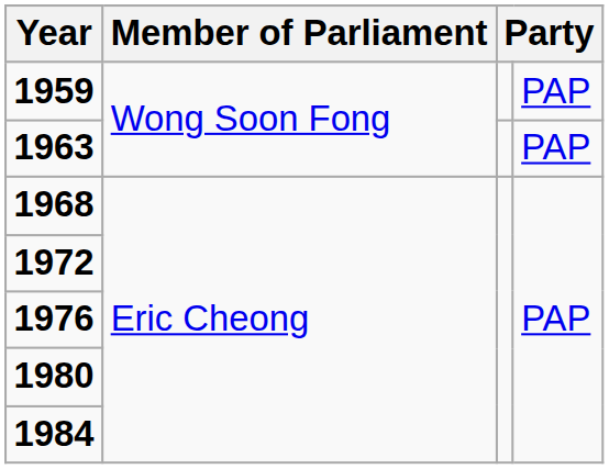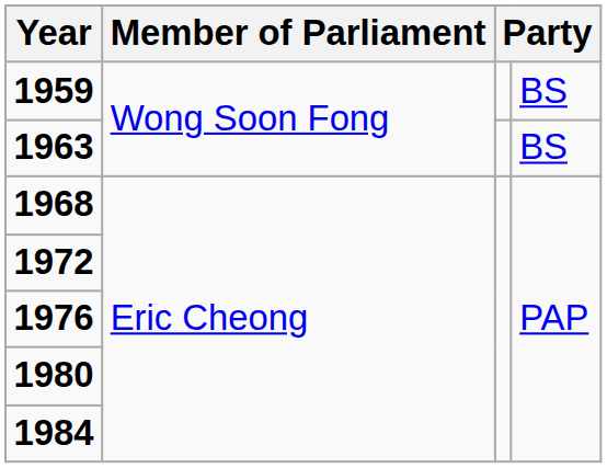 <table class="wikitable">
 <tr>
 <th>Year</th>
 <th>Member of Parliament</th>
 <th colspan="2">Party</th>
 </tr>
 <tr>
 <td><strong>1959</strong></td>
 <td rowspan="2"><a href='#'>Wong Soon Fong</a></td>
 <td></td>
-<td><a href='#'>PAP</a></td>
+<td><a href='#'>BS</a></td>
 </tr>
 <tr>
 <td><strong>1963</strong></td>
 <td></td>
-<td><a href='#'>PAP</a></td>
+<td><a href='#'>BS</a></td>
 </tr>
 <tr>
 <td><strong>1968</strong></td>
 <td rowspan="5"><a href='#'>Eric Cheong</a></td>
 <td rowspan="5"></td>
 <td rowspan="5"><a href='#'>PAP</a></td>
 </tr>
 <tr>
 <td><strong>1972</strong></td>
 </tr>
 <tr>
 <td><strong>1976</strong></td>
 </tr>
 <tr>
 <td><strong>1980</strong></td>
 </tr>
 <tr>
 <td><strong>1984</strong></td>
 </tr>
 </table>
